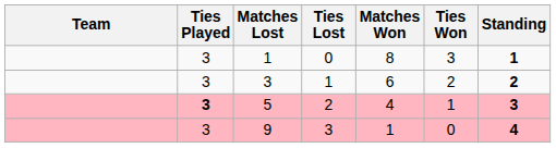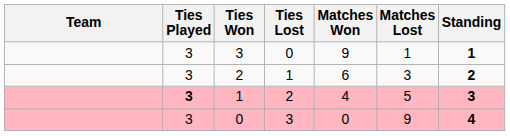 <table class=wikitable style="text-align:center">
 <tr>
 <th width=175>Team</th>
 <th width=50>Ties Played</th>
-<th width=50>Matches Lost</th>
+<th width=50>Ties Won</th>
 <th width=50>Ties Lost</th>
 <th width=50>Matches Won</th>
-<th width=50>Ties Won</th>
+<th width=50>Matches Lost</th>
 <th width=50>Standing</th>
 </tr>
 <tr>
 <td style="text-align:left"></td>
 <td>3</td>
+<td>3</td>
+<td>0</td>
+<td>9</td>
 <td>1</td>
-<td>0</td>
-<td>8</td>
-<td>3</td>
 <td><strong>1</strong></td>
 </tr>
 <tr>
 <td style="text-align:left"></td>
 <td>3</td>
-<td>3</td>
+<td>2</td>
 <td>1</td>
 <td>6</td>
-<td>2</td>
+<td>3</td>
 <td><strong>2</strong></td>
 </tr>
 <tr bgcolor=lightpink>
 <td style="text-align:left"></td>
 <td><strong>3</strong></td>
-<td>5</td>
+<td>1</td>
 <td>2</td>
 <td>4</td>
-<td>1</td>
+<td>5</td>
 <td><strong>3</strong></td>
 </tr>
 <tr bgcolor=lightpink>
 <td style="text-align:left"></td>
 <td>3</td>
+<td>0</td>
+<td>3</td>
+<td>0</td>
 <td>9</td>
-<td>3</td>
-<td>1</td>
-<td>0</td>
 <td><strong>4</strong></td>
 </tr>
 </table>
